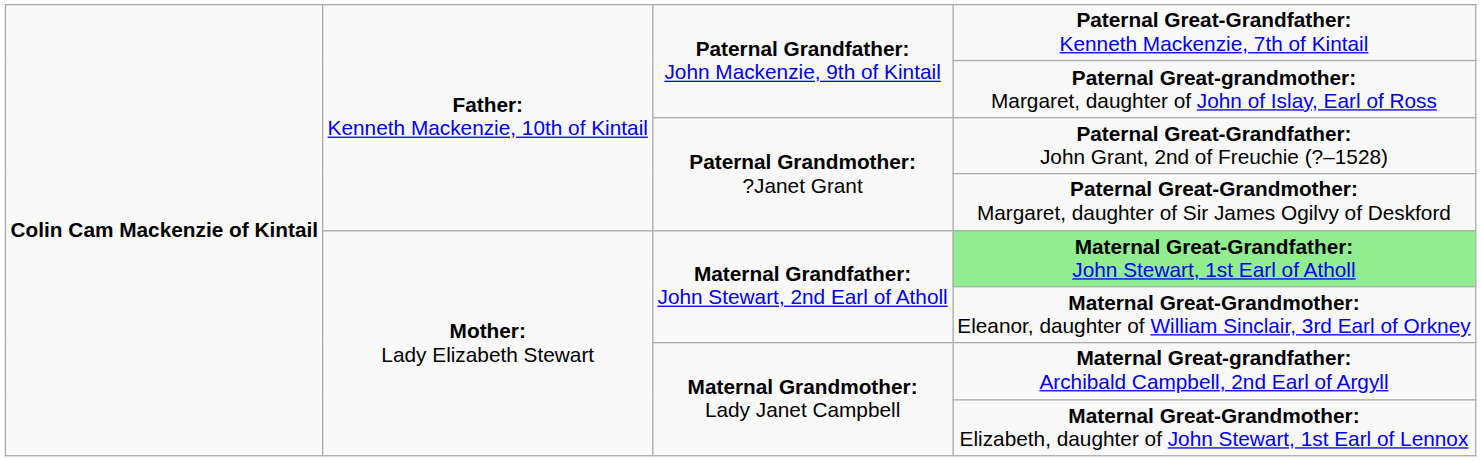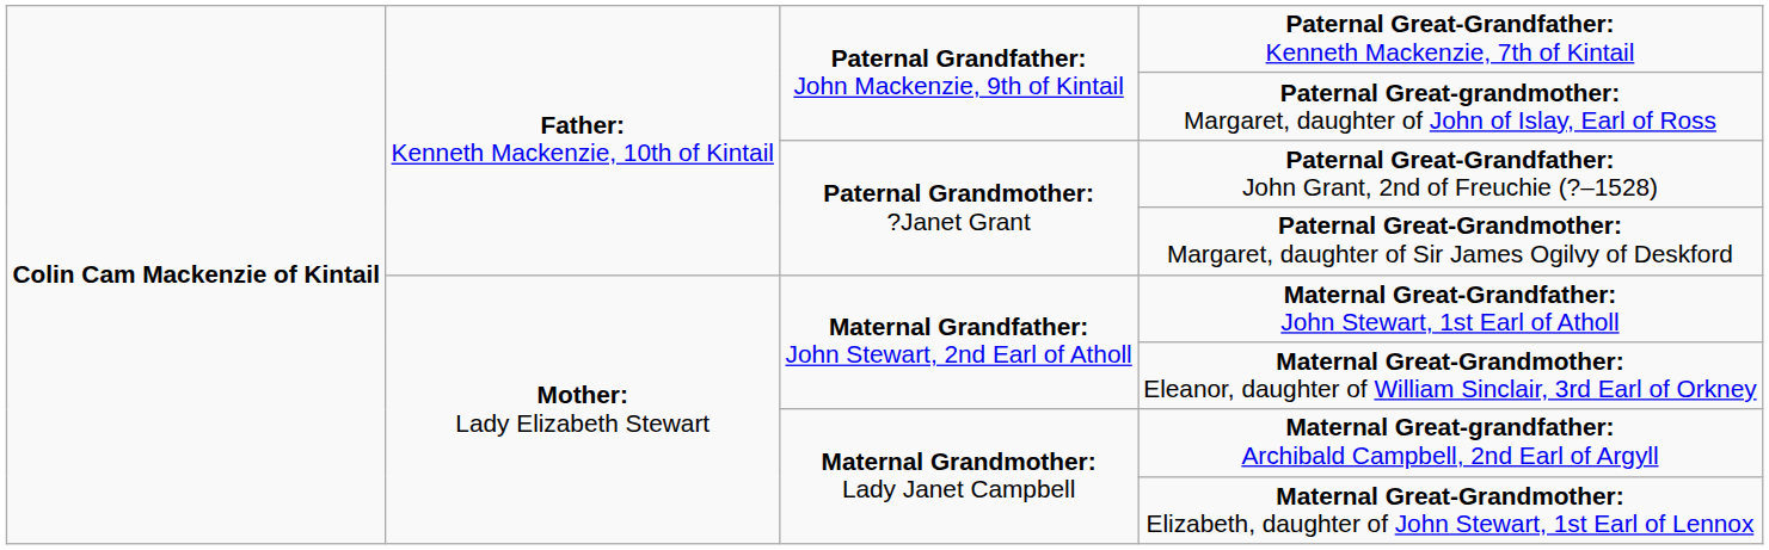 <table class="wikitable" style="margin:0.3em auto">
 <tr>
 <td rowspan=8 align="center"><strong>Colin Cam Mackenzie of Kintail</strong></td>
 <td rowspan=4 align="center"><strong>Father:</strong><br><a href='#'>Kenneth Mackenzie, 10th of Kintail</a></td>
 <td rowspan=2 align="center"><strong>Paternal Grandfather:</strong><br><a href='#'>John Mackenzie, 9th of Kintail</a></td>
 <td align="center"><strong>Paternal Great-Grandfather:</strong><br><a href='#'>Kenneth Mackenzie, 7th of Kintail</a></td>
 </tr>
 <tr>
 <td align="center"><strong>Paternal Great-grandmother:</strong><br>Margaret, daughter of <a href='#'>John of Islay, Earl of Ross</a></td>
 </tr>
 <tr>
 <td rowspan=2 align="center"><strong>Paternal Grandmother:</strong><br>?Janet Grant</td>
 <td align="center"><strong>Paternal Great-Grandfather:</strong><br>John Grant, 2nd of Freuchie (?–1528)</td>
 </tr>
 <tr>
 <td align="center"><strong>Paternal Great-Grandmother:</strong><br>Margaret, daughter of Sir James Ogilvy of Deskford</td>
 </tr>
 <tr>
 <td rowspan=4 align="center"><strong>Mother:</strong><br>Lady Elizabeth Stewart</td>
 <td rowspan=2 align="center"><strong>Maternal Grandfather:</strong><br><a href='#'>John Stewart, 2nd Earl of Atholl</a></td>
-<td align="center" style="background: lightgreen;"><strong>Maternal Great-Grandfather:</strong><br><a href='#'>John Stewart, 1st Earl of Atholl</a></td>
+<td align="center"><strong>Maternal Great-Grandfather:</strong><br><a href='#'>John Stewart, 1st Earl of Atholl</a></td>
 </tr>
 <tr>
 <td align="center"><strong>Maternal Great-Grandmother:</strong><br>Eleanor, daughter of <a href='#'>William Sinclair, 3rd Earl of Orkney</a></td>
 </tr>
 <tr>
 <td rowspan=2 align="center"><strong>Maternal Grandmother:</strong><br>Lady Janet Campbell</td>
 <td align="center"><strong>Maternal Great-grandfather:</strong><br><a href='#'>Archibald Campbell, 2nd Earl of Argyll</a></td>
 </tr>
 <tr>
 <td align="center"><strong>Maternal Great-Grandmother:</strong><br>Elizabeth, daughter of <a href='#'>John Stewart, 1st Earl of Lennox</a></td>
 </tr>
 </table>
